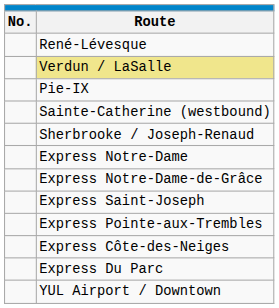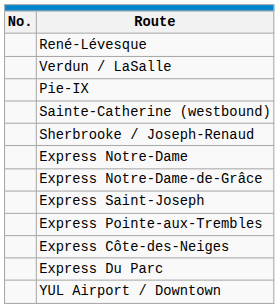 <table align=center class="wikitable">
 <tr>
 <th style="background: #0085CA; font-size:100%; color:#FFFFFF;"colspan="4"><a href='#'></a></th>
 </tr>
 <tr>
 <th>No.</th>
 <th>Route</th>
 </tr>
 <tr>
 <td></td>
 <td>René-Lévesque</td>
 </tr>
 <tr>
 <td {{Avoid wrap> </td>
-<td style="background: khaki;">Verdun / LaSalle</td>
+<td>Verdun / LaSalle</td>
 </tr>
 <tr ->
 <td {{Avoid wrap> </td>
 <td>Pie-IX</td>
 </tr>
 <tr>
 <td {{Avoid wrap> </td>
 <td>Sainte-Catherine (westbound)</td>
 </tr>
 <tr>
 <td {{Avoid wrap> </td>
 <td>Sherbrooke / Joseph-Renaud</td>
 </tr>
 <tr>
 <td></td>
 <td>Express Notre-Dame</td>
 </tr>
 <tr>
 <td></td>
 <td>Express Notre-Dame-de-Grâce</td>
 </tr>
 <tr>
 <td></td>
 <td>Express Saint-Joseph</td>
 </tr>
 <tr>
 <td></td>
 <td>Express Pointe-aux-Trembles</td>
 </tr>
 <tr>
 <td></td>
 <td>Express Côte-des-Neiges</td>
 </tr>
 <tr>
 <td></td>
 <td>Express Du Parc</td>
 </tr>
 <tr>
 <td> </td>
 <td>YUL Airport / Downtown</td>
 </tr>
 </table>
